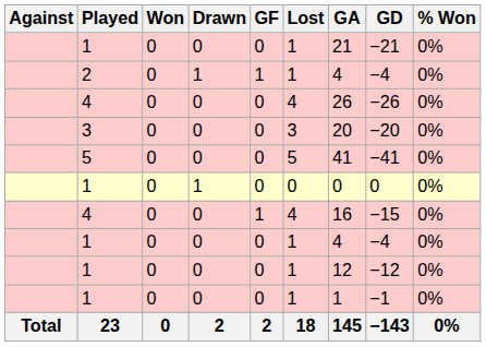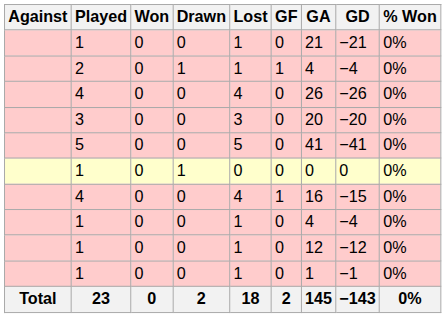 <table class="sortable wikitable">
 <tr>
 <th>Against</th>
 <th>Played</th>
 <th>Won</th>
 <th>Drawn</th>
+<th>Lost</th>
 <th>GF</th>
-<th>Lost</th>
 <th>GA</th>
 <th>GD</th>
 <th>% Won</th>
 </tr>
 <tr bgcolor=#FFCCCC>
 <td style="text-align:left;"></td>
 <td>1</td>
 <td>0</td>
 <td>0</td>
+<td>1</td>
 <td>0</td>
-<td>1</td>
 <td>21</td>
 <td>−21</td>
 <td>0%</td>
 </tr>
 <tr bgcolor=#FFCCCC>
 <td style="text-align:left;"></td>
 <td>2</td>
 <td>0</td>
 <td>1</td>
 <td>1</td>
 <td>1</td>
 <td>4</td>
 <td>−4</td>
 <td>0%</td>
 </tr>
 <tr bgcolor=#FFCCCC>
 <td style="text-align:left;"></td>
 <td>4</td>
 <td>0</td>
 <td>0</td>
+<td>4</td>
 <td>0</td>
-<td>4</td>
 <td>26</td>
 <td>−26</td>
 <td>0%</td>
 </tr>
 <tr bgcolor=#FFCCCC>
 <td style="text-align:left;"></td>
 <td>3</td>
 <td>0</td>
 <td>0</td>
+<td>3</td>
 <td>0</td>
-<td>3</td>
 <td>20</td>
 <td>−20</td>
 <td>0%</td>
 </tr>
 <tr bgcolor=#FFCCCC>
 <td style="text-align:left;"></td>
 <td>5</td>
 <td>0</td>
 <td>0</td>
+<td>5</td>
 <td>0</td>
-<td>5</td>
 <td>41</td>
 <td>−41</td>
 <td>0%</td>
 </tr>
 <tr bgcolor=#FFFFCC>
 <td style="text-align:left;"></td>
 <td>1</td>
 <td>0</td>
 <td>1</td>
 <td>0</td>
 <td>0</td>
 <td>0</td>
 <td>0</td>
 <td>0%</td>
 </tr>
 <tr bgcolor=#FFCCCC>
 <td style="text-align:left;"></td>
 <td>4</td>
 <td>0</td>
 <td>0</td>
+<td>4</td>
 <td>1</td>
-<td>4</td>
 <td>16</td>
 <td>−15</td>
 <td>0%</td>
 </tr>
 <tr bgcolor=#FFCCCC>
 <td style="text-align:left;"></td>
 <td>1</td>
 <td>0</td>
 <td>0</td>
+<td>1</td>
 <td>0</td>
-<td>1</td>
 <td>4</td>
 <td>−4</td>
 <td>0%</td>
 </tr>
 <tr bgcolor=#FFCCCC>
 <td style="text-align:left;"></td>
 <td>1</td>
 <td>0</td>
 <td>0</td>
+<td>1</td>
 <td>0</td>
-<td>1</td>
 <td>12</td>
 <td>−12</td>
 <td>0%</td>
 </tr>
 <tr bgcolor=#FFCCCC>
 <td style="text-align:left;"></td>
 <td>1</td>
 <td>0</td>
 <td>0</td>
+<td>1</td>
 <td>0</td>
-<td>1</td>
 <td>1</td>
 <td>−1</td>
 <td>0%</td>
 </tr>
 <tr class="sortbottom">
 <th>Total</th>
 <th>23</th>
 <th>0</th>
 <th>2</th>
+<th>18</th>
 <th>2</th>
-<th>18</th>
 <th>145</th>
 <th>−143</th>
 <th>0%</th>
 </tr>
 </table>
